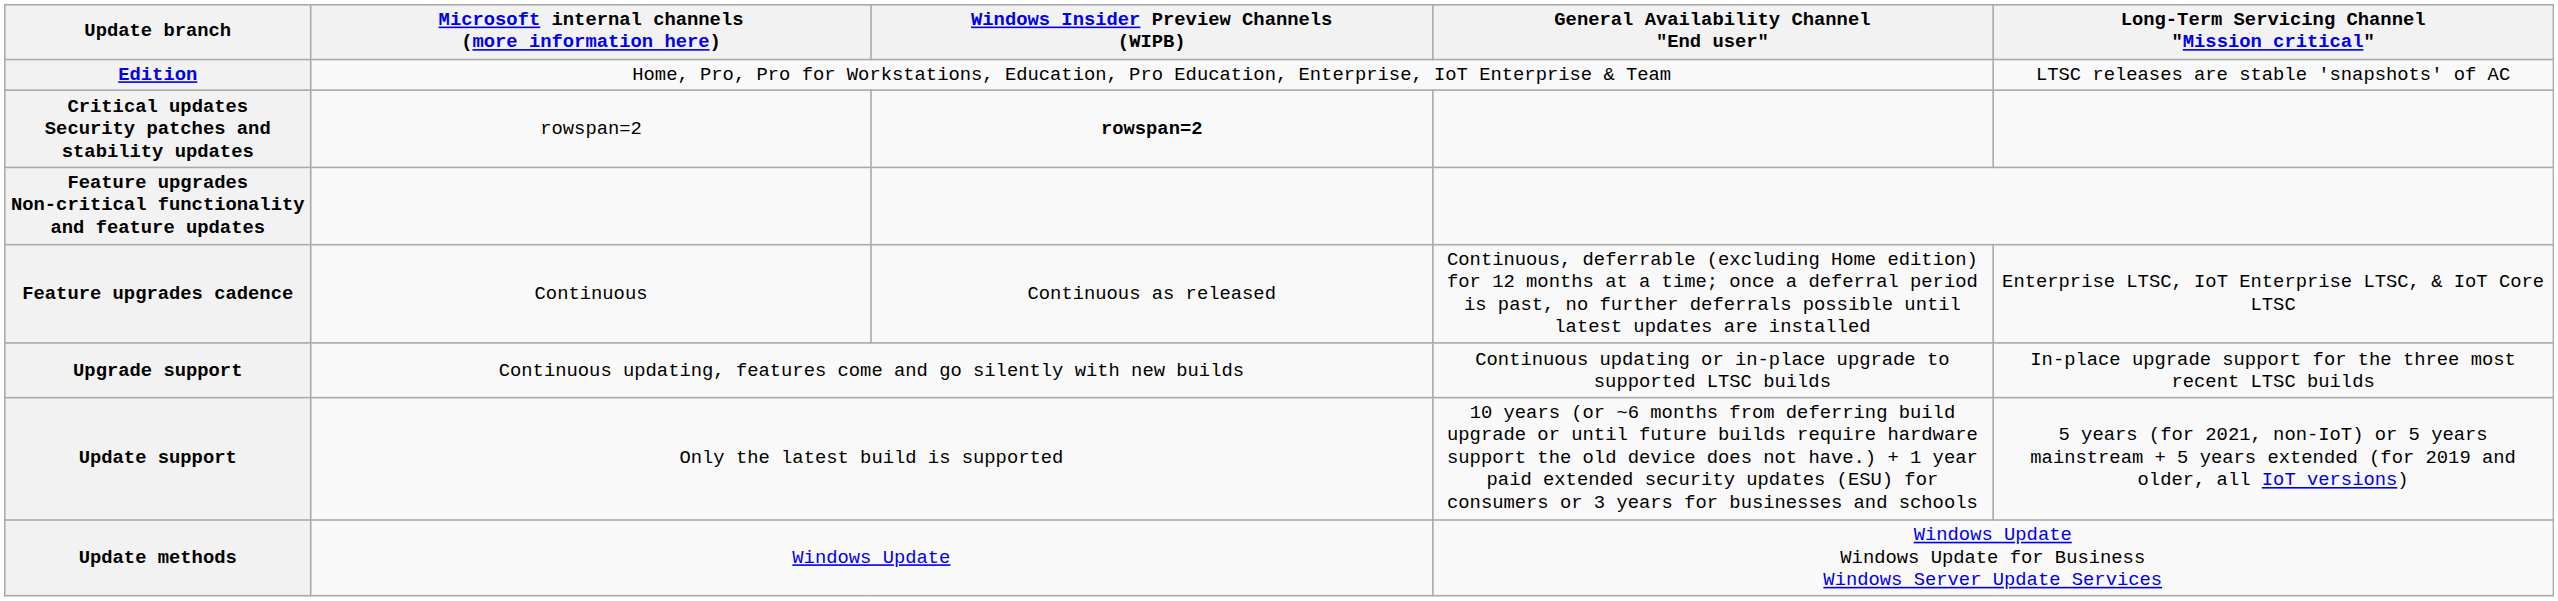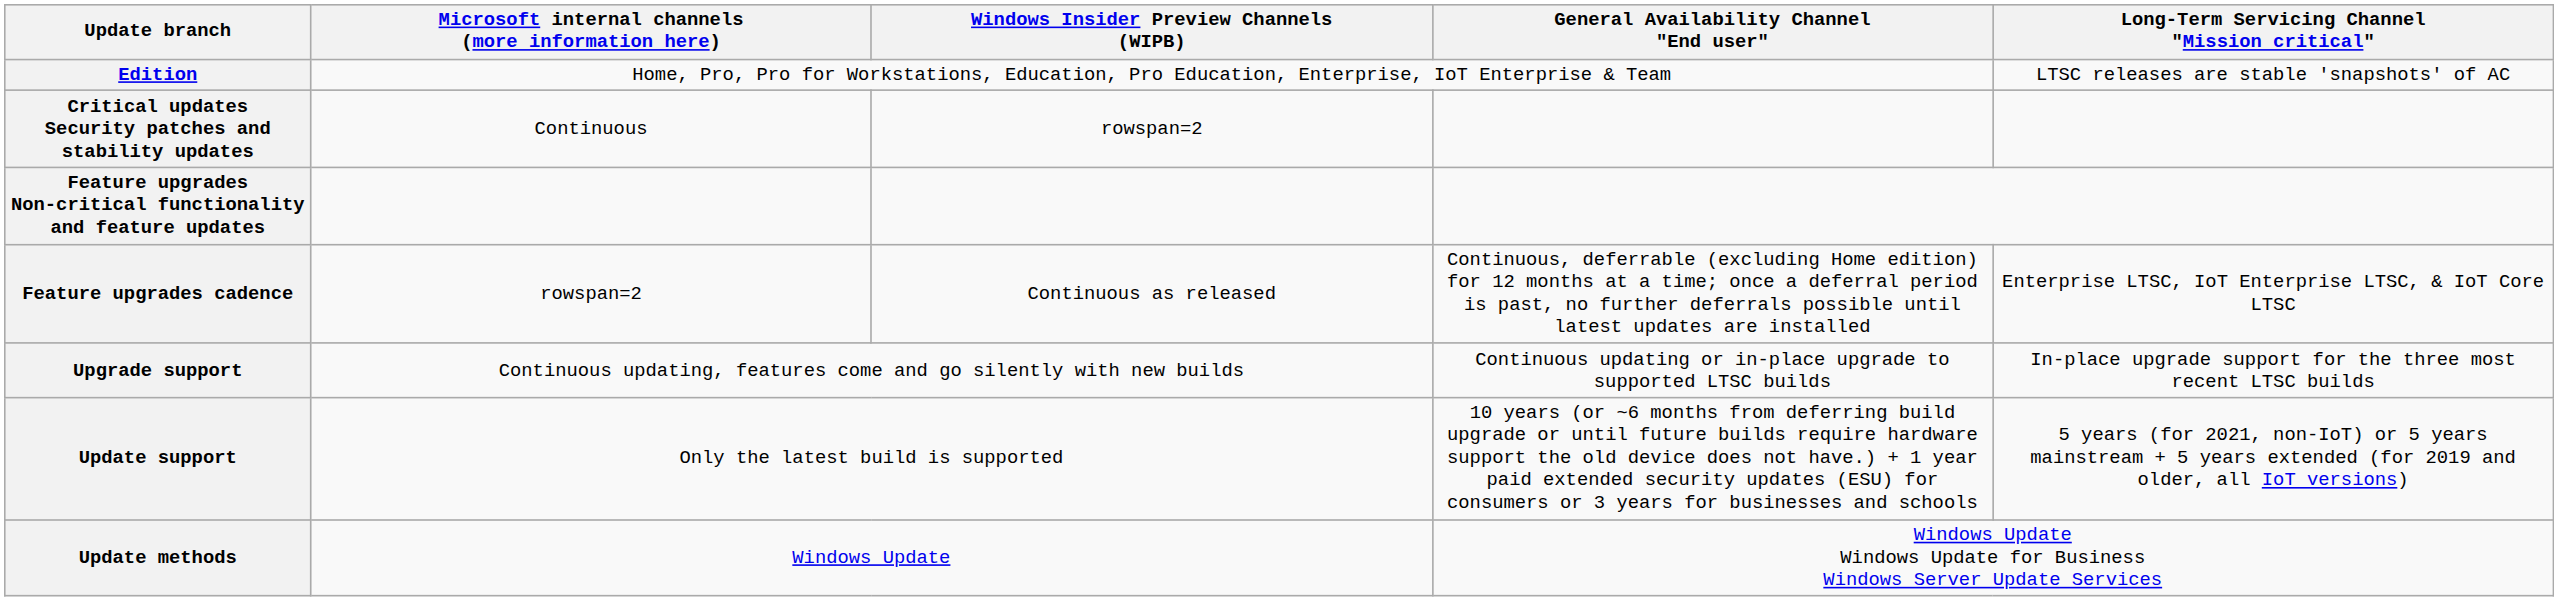 <table class="wikitable" style=margin:auto;width:auto;font-size:90%;text-align:center>
 <tr>
 <th width:12%>Update branch</th>
 <th style=width:22%><a href='#'>Microsoft</a> internal channels<br>(<a href='#'>more information here</a>)</th>
 <th style=width:22%><a href='#'>Windows Insider</a> Preview Channels<br>(WIPB)</th>
 <th style=width:22%>General Availability Channel<br>"End user"</th>
 <th style=width:22%>Long-Term Servicing Channel<br>"<a href='#'>Mission critical</a>"</th>
 </tr>
 <tr>
 <th><a href='#'>Edition</a></th>
 <td colspan="3">Home, Pro, Pro for Workstations, Education, Pro Education, Enterprise, IoT Enterprise & Team</td>
 <td>LTSC releases are stable 'snapshots' of AC</td>
 </tr>
 <tr>
 <th>Critical updates<br><span>Security patches and stability updates</span></th>
+<td>Continuous</td>
 <td>rowspan=2 </td>
-<td><strong>rowspan=2 </strong></td>
 <td></td>
 <td></td>
 </tr>
 <tr>
 <th>Feature upgrades<br><span>Non-critical functionality and feature updates</span></th>
 <td></td>
 <td></td>
 </tr>
 <tr>
 <th>Feature upgrades cadence</th>
-<td>Continuous</td>
+<td>rowspan=2 </td>
 <td>Continuous as released</td>
 <td>Continuous, deferrable (excluding Home edition) for 12 months at a time; once a deferral period is past, no further deferrals possible until latest updates are installed</td>
 <td>Enterprise LTSC, IoT Enterprise LTSC, & IoT Core LTSC</td>
 </tr>
 <tr>
 <th>Upgrade support</th>
 <td colspan="2">Continuous updating, features come and go silently with new builds</td>
 <td>Continuous updating or in-place upgrade to supported LTSC builds</td>
 <td>In-place upgrade support for the three most recent LTSC builds</td>
 </tr>
 <tr>
 <th>Update support</th>
 <td colspan="2">Only the latest build is supported</td>
 <td>10 years (or ~6 months from deferring build upgrade or until future builds require hardware support the old device does not have.) + 1 year paid extended security updates (ESU) for consumers or 3 years for businesses and schools</td>
 <td>5 years (for 2021, non-IoT) or 5 years mainstream + 5 years extended (for 2019 and older, all <a href='#'>IoT versions</a>)</td>
 </tr>
 <tr>
 <th>Update methods</th>
 <td colspan=2><a href='#'>Windows Update</a></td>
 <td colspan=2><a href='#'>Windows Update</a><br>Windows Update for Business<br><a href='#'>Windows Server Update Services</a></td>
 </tr>
 </table>
